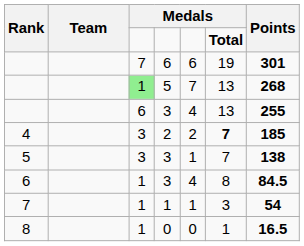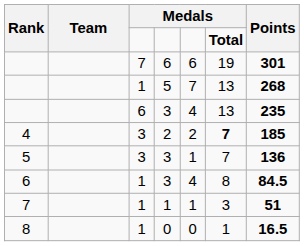 <table class="wikitable">
 <tr>
 <th rowspan=2>Rank</th>
 <th style="width:80px;" rowspan="2">Team</th>
 <th colspan=4>Medals</th>
 <th rowspan=2>Points</th>
 </tr>
 <tr>
 <td style="width:20px; text-align:center;"></td>
 <td style="width:20px; text-align:center;"></td>
 <td style="width:20px; text-align:center;"></td>
 <td><strong>Total</strong></td>
 </tr>
 <tr>
 <td align=center></td>
 <td></td>
 <td align=center>7</td>
 <td align=center>6</td>
 <td align=center>6</td>
 <td align=center>19</td>
 <td align=center><strong>301</strong></td>
 </tr>
 <tr>
 <td align=center></td>
 <td></td>
-<td align=center style="background: lightgreen;">1</td>
+<td align=center>1</td>
 <td align=center>5</td>
 <td align=center>7</td>
 <td align=center>13</td>
 <td align=center><strong>268</strong></td>
 </tr>
 <tr>
 <td align=center></td>
 <td></td>
 <td align=center>6</td>
 <td align=center>3</td>
 <td align=center>4</td>
 <td align=center>13</td>
-<td align=center><strong>255</strong></td>
+<td align=center><strong>235</strong></td>
 </tr>
 <tr>
 <td align=center>4</td>
 <td></td>
 <td align=center>3</td>
 <td align=center>2</td>
 <td align=center>2</td>
 <td align=center><strong>7</strong></td>
 <td align=center><strong>185</strong></td>
 </tr>
 <tr>
 <td align=center>5</td>
 <td></td>
 <td align=center>3</td>
 <td align=center>3</td>
 <td align=center>1</td>
 <td align=center>7</td>
-<td align=center><strong>138</strong></td>
+<td align=center><strong>136</strong></td>
 </tr>
 <tr>
 <td align=center>6</td>
 <td></td>
 <td align=center>1</td>
 <td align=center>3</td>
 <td align=center>4</td>
 <td align=center>8</td>
 <td align=center><strong>84.5</strong></td>
 </tr>
 <tr>
 <td align=center>7</td>
 <td></td>
 <td align=center>1</td>
 <td align=center>1</td>
 <td align=center>1</td>
 <td align=center>3</td>
-<td align=center><strong>54</strong></td>
+<td align=center><strong>51</strong></td>
 </tr>
 <tr>
 <td align=center>8</td>
 <td></td>
 <td align=center>1</td>
 <td align=center>0</td>
 <td align=center>0</td>
 <td align=center>1</td>
 <td align=center><strong>16.5</strong></td>
 </tr>
 </table>
